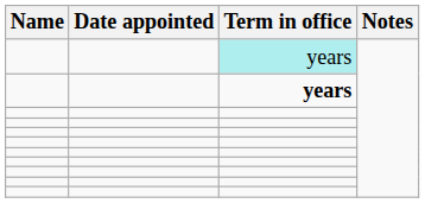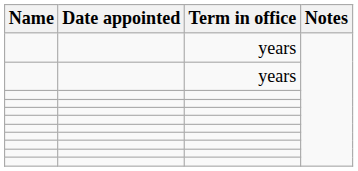 <table class="wikitable">
 <tr>
 <th>Name</th>
 <th>Date appointed</th>
 <th>Term in office</th>
 <th>Notes</th>
 </tr>
 <tr>
 <td></td>
 <td align=center></td>
-<td align=right style="background: paleturquoise;"> years</td>
+<td align=right> years</td>
 <td rowspan="11"></td>
 </tr>
 <tr>
 <td></td>
 <td align=center></td>
-<td align=right><strong> years</strong></td>
+<td align=right> years</td>
 </tr>
 <tr>
 <td></td>
 <td align=center></td>
 <td align=right></td>
 </tr>
 <tr>
 <td></td>
 <td align=center></td>
 <td align=right></td>
 </tr>
 <tr>
 <td></td>
 <td align=center></td>
 <td align=right></td>
 </tr>
 <tr>
 <td></td>
 <td align=center></td>
 <td align=right></td>
 </tr>
 <tr>
 <td></td>
 <td align=center></td>
 <td align=right></td>
 </tr>
 <tr>
 <td></td>
 <td align=center></td>
 <td align=right></td>
 </tr>
 <tr>
 <td></td>
 <td align=center></td>
 <td align=right></td>
 </tr>
 <tr>
 <td></td>
 <td align=center></td>
 <td align=right></td>
 </tr>
 <tr>
 <td></td>
 <td align=center></td>
 <td align=right></td>
 </tr>
 </table>
